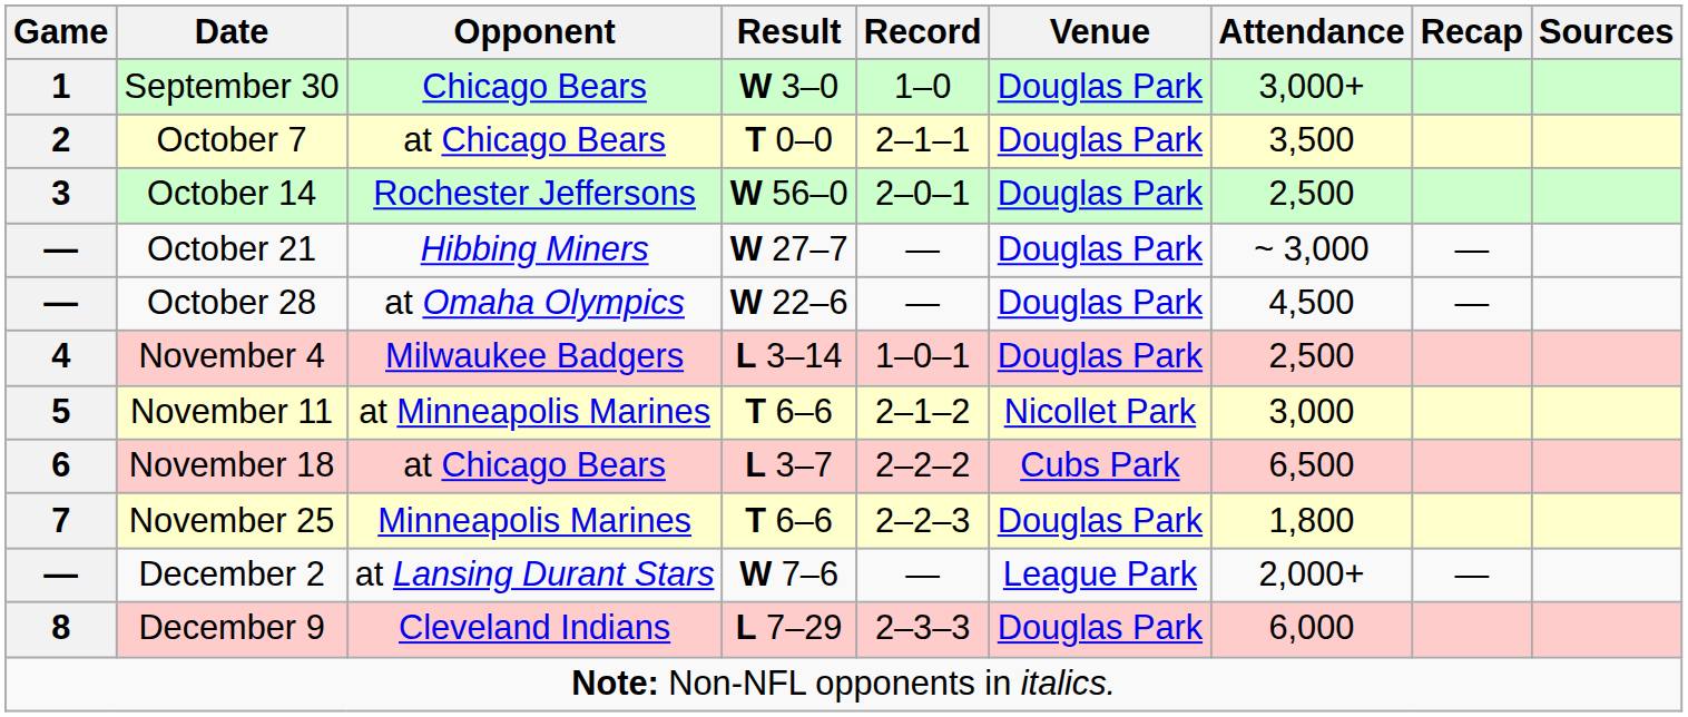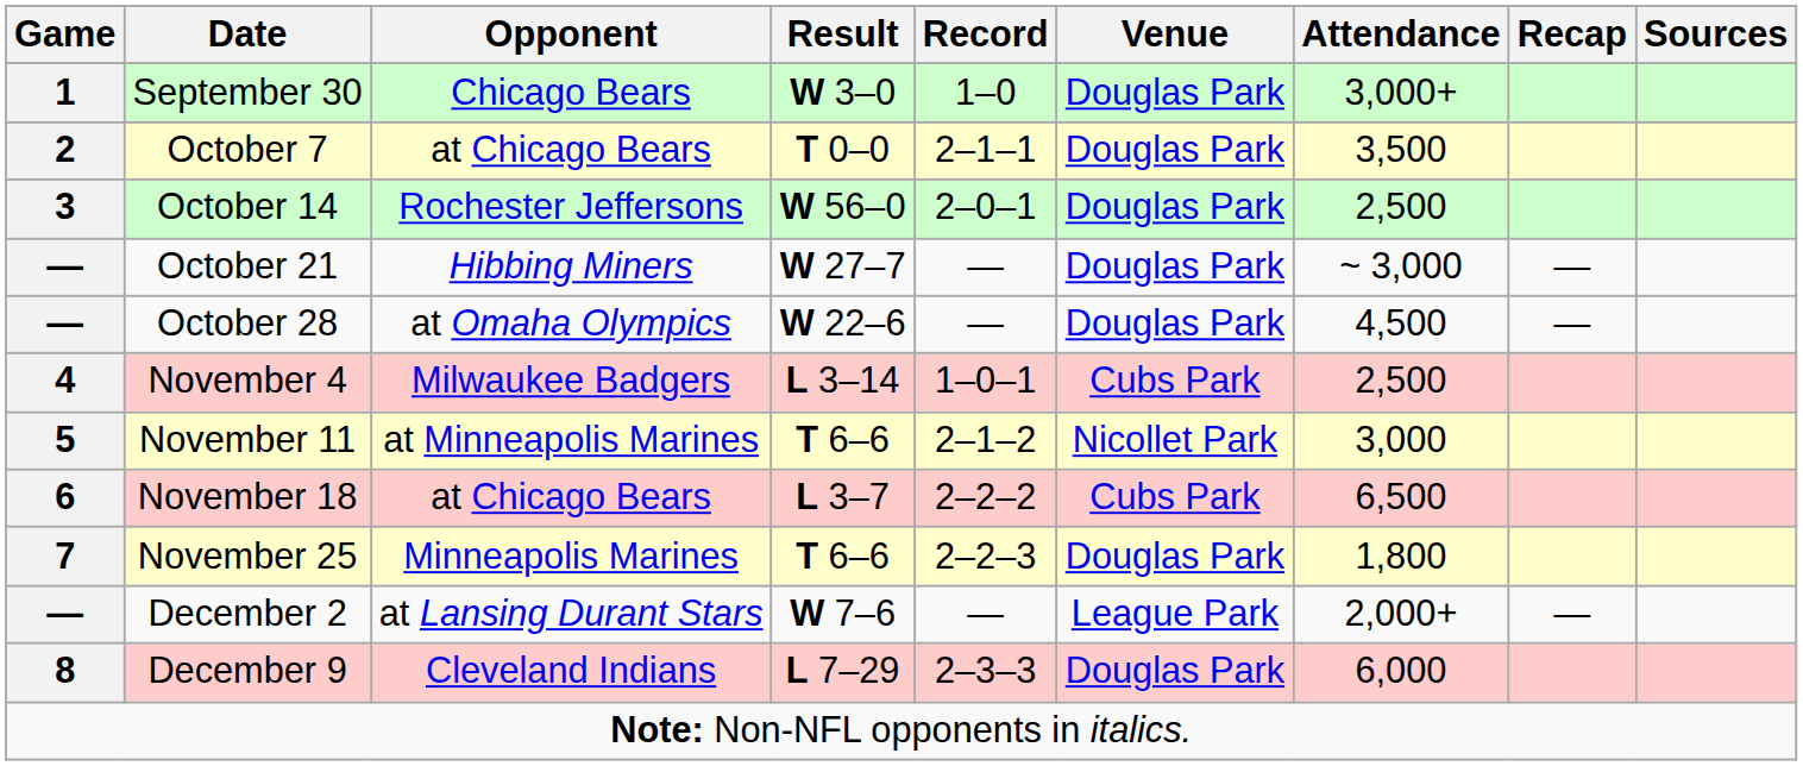 <table class="wikitable" style="text-align:center">
 <tr>
 <th>Game</th>
 <th>Date</th>
 <th>Opponent</th>
 <th>Result</th>
 <th>Record</th>
 <th>Venue</th>
 <th>Attendance</th>
 <th>Recap</th>
 <th>Sources</th>
 </tr>
 <tr style="background:#cfc">
 <th>1</th>
 <td>September 30</td>
 <td><a href='#'>Chicago Bears</a></td>
 <td><strong>W</strong> 3–0</td>
 <td>1–0</td>
 <td><a href='#'>Douglas Park</a></td>
 <td>3,000+ </td>
 <td></td>
 <td></td>
 </tr>
 <tr style="background:#ffc">
 <th>2</th>
 <td>October 7</td>
 <td>at <a href='#'>Chicago Bears</a></td>
 <td><strong>T</strong> 0–0</td>
 <td>2–1–1</td>
 <td><a href='#'>Douglas Park</a></td>
 <td>3,500 </td>
 <td></td>
 <td></td>
 </tr>
 <tr style="background:#cfc">
 <th>3</th>
 <td>October 14</td>
 <td><a href='#'>Rochester Jeffersons</a></td>
 <td><strong>W</strong> 56–0</td>
 <td>2–0–1</td>
 <td><a href='#'>Douglas Park</a></td>
 <td>2,500</td>
 <td></td>
 <td></td>
 </tr>
 <tr>
 <th>—</th>
 <td>October 21</td>
 <td><em><a href='#'>Hibbing Miners</a></em></td>
 <td><strong>W</strong> 27–7</td>
 <td>—</td>
 <td><a href='#'>Douglas Park</a></td>
 <td>~ 3,000</td>
 <td>—</td>
 <td></td>
 </tr>
 <tr>
 <th>—</th>
 <td>October 28</td>
 <td>at <em><a href='#'>Omaha Olympics</a></em></td>
 <td><strong>W</strong> 22–6</td>
 <td>—</td>
 <td><a href='#'>Douglas Park</a></td>
 <td>4,500</td>
 <td>—</td>
 <td></td>
 </tr>
 <tr style="background:#fcc">
 <th>4</th>
 <td>November 4</td>
 <td><a href='#'>Milwaukee Badgers</a></td>
 <td><strong>L</strong> 3–14</td>
 <td>1–0–1</td>
-<td><a href='#'>Douglas Park</a></td>
+<td><a href='#'>Cubs Park</a></td>
 <td>2,500</td>
 <td></td>
 <td></td>
 </tr>
 <tr style="background:#ffc">
 <th>5</th>
 <td>November 11</td>
 <td>at <a href='#'>Minneapolis Marines</a></td>
 <td><strong>T</strong> 6–6</td>
 <td>2–1–2</td>
 <td><a href='#'>Nicollet Park</a></td>
 <td>3,000</td>
 <td></td>
 <td></td>
 </tr>
 <tr style="background:#fcc">
 <th>6</th>
 <td>November 18</td>
 <td>at <a href='#'>Chicago Bears</a></td>
 <td><strong>L</strong> 3–7</td>
 <td>2–2–2</td>
 <td><a href='#'>Cubs Park</a></td>
 <td>6,500</td>
 <td></td>
 <td></td>
 </tr>
 <tr style="background:#ffc">
 <th>7</th>
 <td>November 25</td>
 <td><a href='#'>Minneapolis Marines</a></td>
 <td><strong>T</strong> 6–6</td>
 <td>2–2–3</td>
 <td><a href='#'>Douglas Park</a></td>
 <td>1,800</td>
 <td></td>
 <td></td>
 </tr>
 <tr>
 <th>—</th>
 <td>December 2</td>
 <td>at <em><a href='#'>Lansing Durant Stars</a></em></td>
 <td><strong>W</strong> 7–6</td>
 <td>—</td>
 <td><a href='#'>League Park</a></td>
 <td>2,000+</td>
 <td>—</td>
 <td></td>
 </tr>
 <tr style="background:#fcc">
 <th>8</th>
 <td>December 9</td>
 <td><a href='#'>Cleveland Indians</a></td>
 <td><strong>L</strong> 7–29</td>
 <td>2–3–3</td>
 <td><a href='#'>Douglas Park</a></td>
 <td>6,000</td>
 <td></td>
 <td></td>
 </tr>
 <tr>
 <td colspan="10"><strong>Note:</strong> Non-NFL opponents in <em>italics.</em></td>
 </tr>
 </table>
